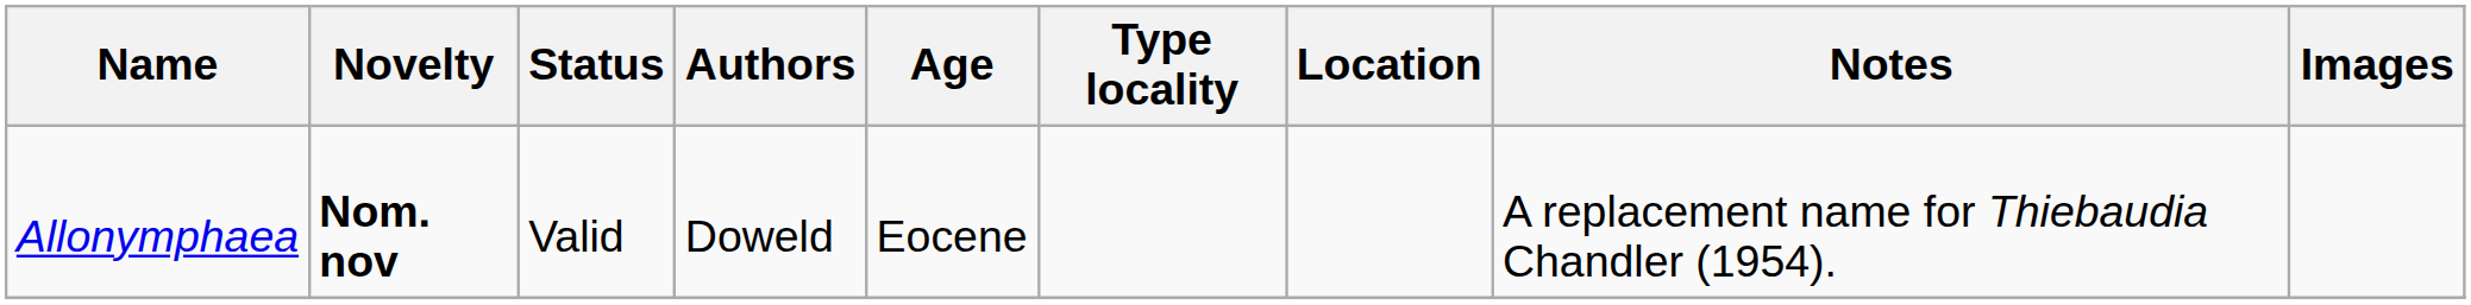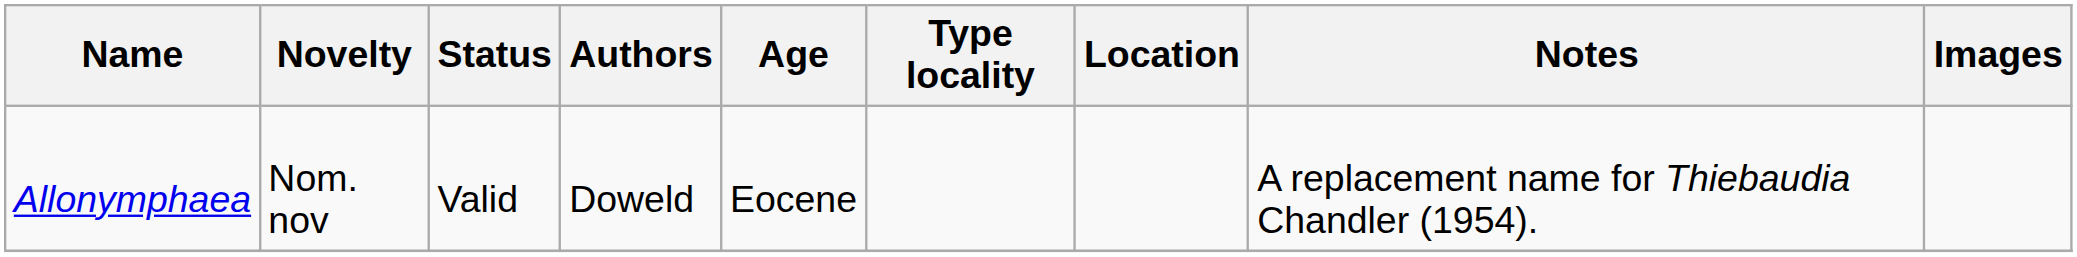 <table class="wikitable sortable" align="center" width="100%">
 <tr>
 <th>Name</th>
 <th>Novelty</th>
 <th>Status</th>
 <th>Authors</th>
 <th>Age</th>
 <th>Type locality</th>
 <th>Location</th>
 <th>Notes</th>
 <th>Images</th>
 </tr>
 <tr>
 <td><br><em><a href='#'>Allonymphaea</a></em></td>
-<td><strong><br>Nom. nov</strong></td>
+<td><br>Nom. nov</td>
 <td><br>Valid</td>
 <td><br>Doweld</td>
 <td><br>Eocene</td>
 <td></td>
 <td><br></td>
 <td><br>A replacement name for <em>Thiebaudia</em> Chandler (1954).</td>
 <td></td>
 </tr>
 <tr>
 </tr>
 </table>
